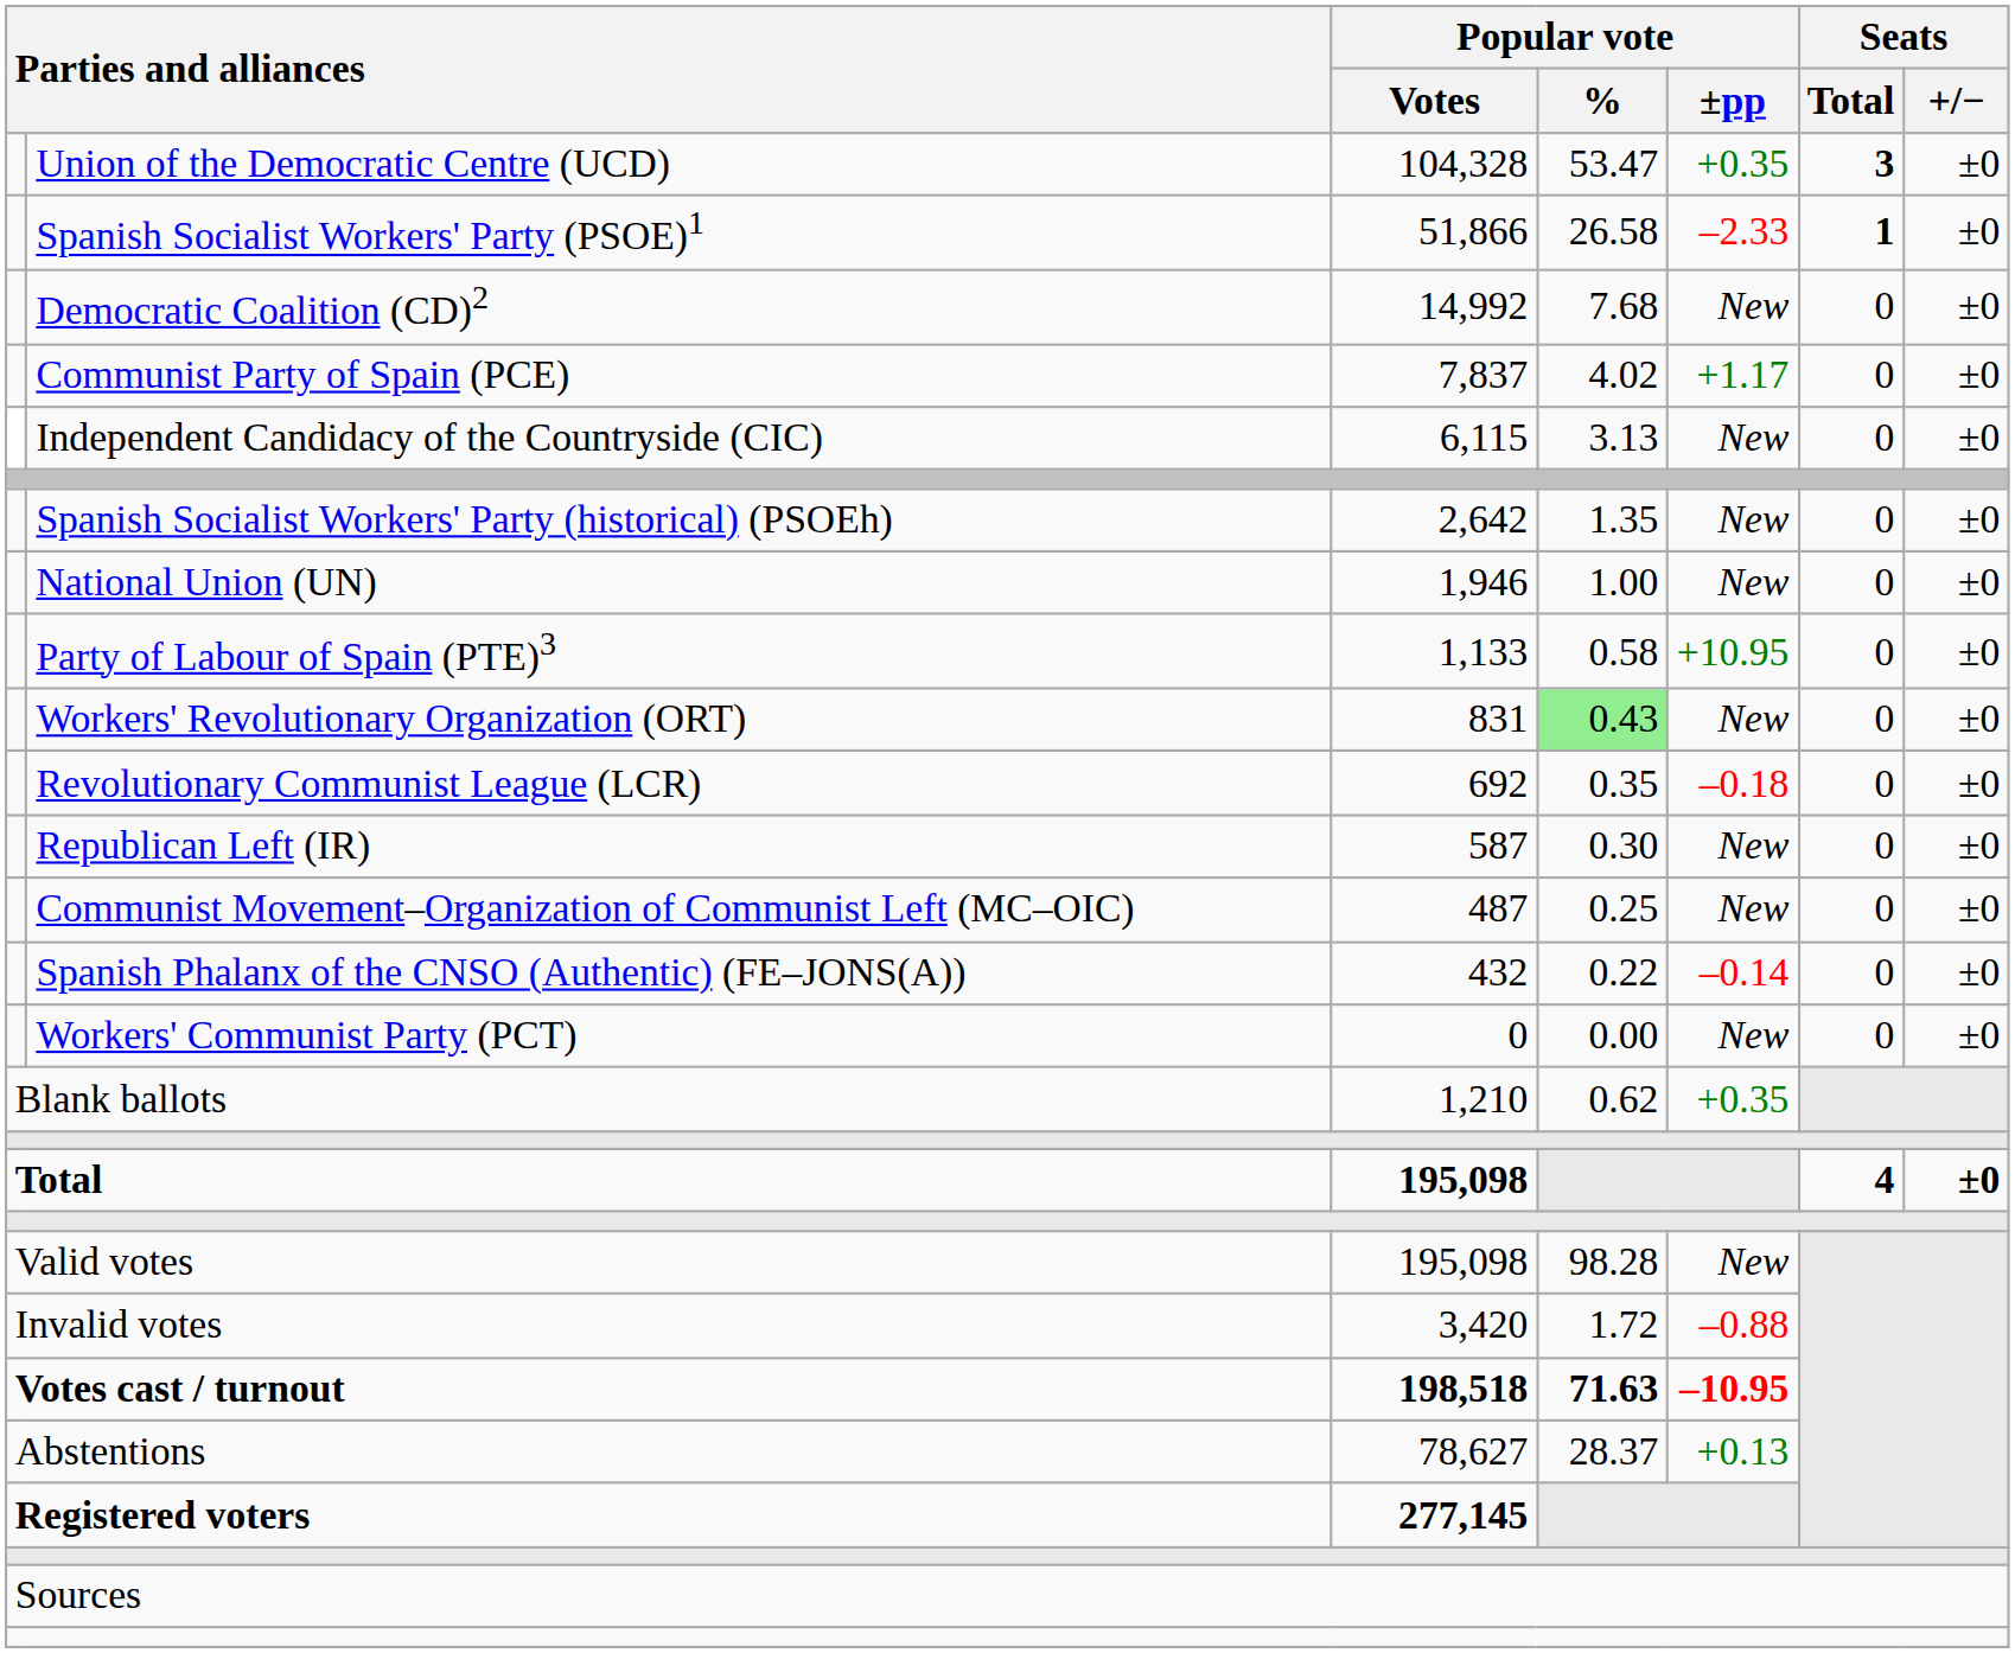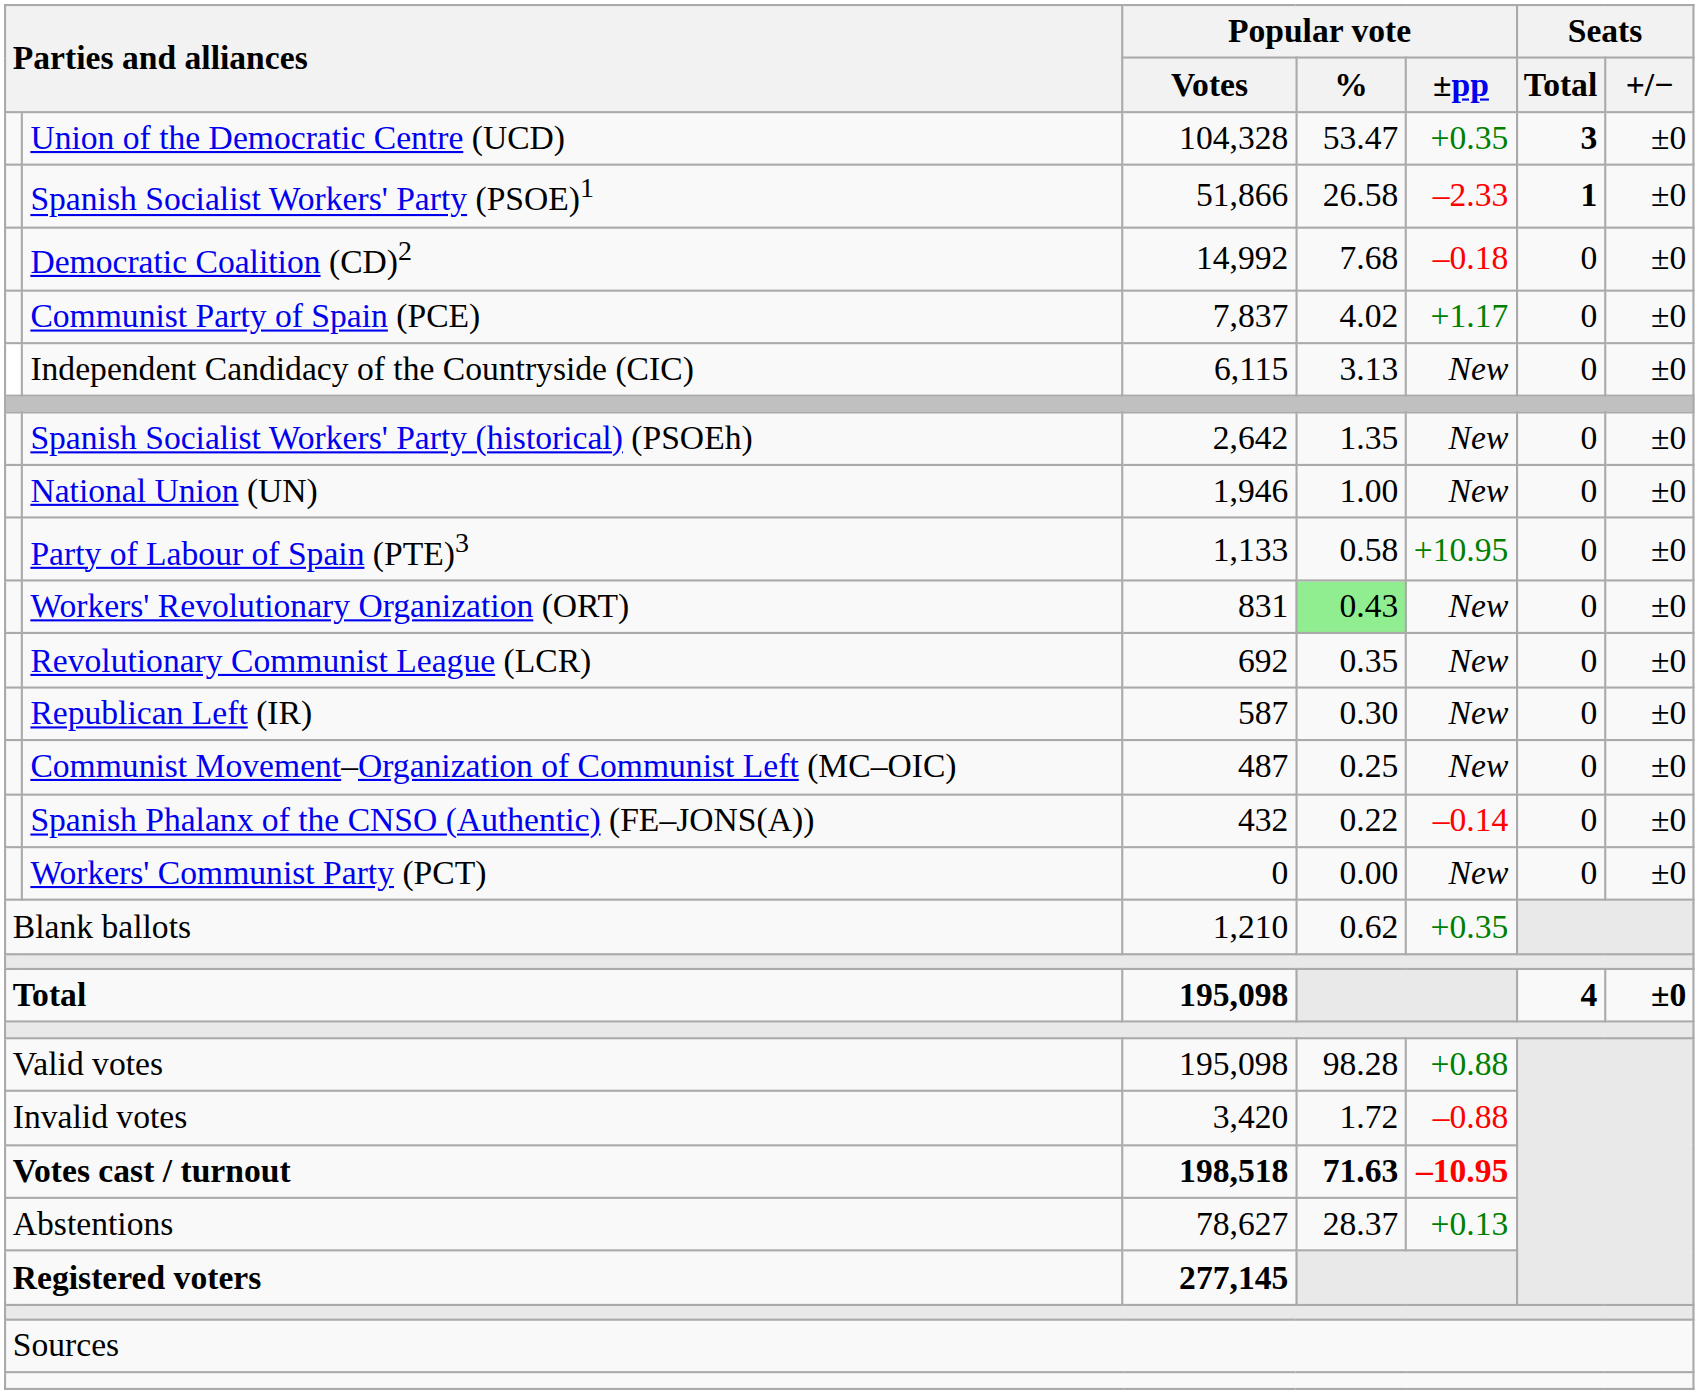 <table class="wikitable" style="text-align:right;">
 <tr>
 <th style="text-align:left;" rowspan="2" colspan="2" width="525">Parties and alliances</th>
 <th colspan="3">Popular vote</th>
 <th colspan="2">Seats</th>
 </tr>
 <tr>
 <th width="75">Votes</th>
 <th width="45">%</th>
 <th width="45">±<a href='#'>pp</a></th>
 <th width="35">Total</th>
 <th width="35">+/−</th>
 </tr>
 <tr>
 <td width="1" style="color:inherit;background:"></td>
 <td align="left"><a href='#'>Union of the Democratic Centre</a> (UCD)</td>
 <td>104,328</td>
 <td>53.47</td>
 <td style="color:green;">+0.35</td>
 <td><strong>3</strong></td>
 <td>±0</td>
 </tr>
 <tr>
 <td style="color:inherit;background:"></td>
 <td align="left"><a href='#'>Spanish Socialist Workers' Party</a> (PSOE)<sup>1</sup></td>
 <td>51,866</td>
 <td>26.58</td>
 <td style="color:red;">–2.33</td>
 <td><strong>1</strong></td>
 <td>±0</td>
 </tr>
 <tr>
 <td style="color:inherit;background:"></td>
 <td align="left"><a href='#'>Democratic Coalition</a> (CD)<sup>2</sup></td>
 <td>14,992</td>
 <td>7.68</td>
-<td><em>New</em></td>
+<td style="color:red;">–0.18</td>
 <td>0</td>
 <td>±0</td>
 </tr>
 <tr>
 <td style="color:inherit;background:"></td>
 <td align="left"><a href='#'>Communist Party of Spain</a> (PCE)</td>
 <td>7,837</td>
 <td>4.02</td>
 <td style="color:green;">+1.17</td>
 <td>0</td>
 <td>±0</td>
 </tr>
 <tr>
 <td bgcolor="white"></td>
 <td align="left">Independent Candidacy of the Countryside (CIC)</td>
 <td>6,115</td>
 <td>3.13</td>
 <td><em>New</em></td>
 <td>0</td>
 <td>±0</td>
 </tr>
 <tr>
 <td colspan="7" bgcolor="#C0C0C0"></td>
 </tr>
 <tr>
 <td style="color:inherit;background:"></td>
 <td align="left"><a href='#'>Spanish Socialist Workers' Party (historical)</a> (PSOEh)</td>
 <td>2,642</td>
 <td>1.35</td>
 <td><em>New</em></td>
 <td>0</td>
 <td>±0</td>
 </tr>
 <tr>
 <td style="color:inherit;background:"></td>
 <td align="left"><a href='#'>National Union</a> (UN)</td>
 <td>1,946</td>
 <td>1.00</td>
 <td><em>New</em></td>
 <td>0</td>
 <td>±0</td>
 </tr>
 <tr>
 <td style="color:inherit;background:"></td>
 <td align="left"><a href='#'>Party of Labour of Spain</a> (PTE)<sup>3</sup></td>
 <td>1,133</td>
 <td>0.58</td>
 <td style="color:green;">+10.95</td>
 <td>0</td>
 <td>±0</td>
 </tr>
 <tr>
 <td style="color:inherit;background:"></td>
 <td align="left"><a href='#'>Workers' Revolutionary Organization</a> (ORT)</td>
 <td>831</td>
 <td style="background: lightgreen;">0.43</td>
 <td><em>New</em></td>
 <td>0</td>
 <td>±0</td>
 </tr>
 <tr>
 <td style="color:inherit;background:"></td>
 <td align="left"><a href='#'>Revolutionary Communist League</a> (LCR)</td>
 <td>692</td>
 <td>0.35</td>
-<td style="color:red;">–0.18</td>
+<td><em>New</em></td>
 <td>0</td>
 <td>±0</td>
 </tr>
 <tr>
 <td style="color:inherit;background:"></td>
 <td align="left"><a href='#'>Republican Left</a> (IR)</td>
 <td>587</td>
 <td>0.30</td>
 <td><em>New</em></td>
 <td>0</td>
 <td>±0</td>
 </tr>
 <tr>
 <td style="color:inherit;background:"></td>
 <td align="left"><a href='#'>Communist Movement</a>–<a href='#'>Organization of Communist Left</a> (MC–OIC)</td>
 <td>487</td>
 <td>0.25</td>
 <td><em>New</em></td>
 <td>0</td>
 <td>±0</td>
 </tr>
 <tr>
 <td style="color:inherit;background:"></td>
 <td align="left"><a href='#'>Spanish Phalanx of the CNSO (Authentic)</a> (FE–JONS(A))</td>
 <td>432</td>
 <td>0.22</td>
 <td style="color:red;">–0.14</td>
 <td>0</td>
 <td>±0</td>
 </tr>
 <tr>
 <td style="color:inherit;background:"></td>
 <td align="left"><a href='#'>Workers' Communist Party</a> (PCT)</td>
 <td>0</td>
 <td>0.00</td>
 <td><em>New</em></td>
 <td>0</td>
 <td>±0</td>
 </tr>
 <tr>
 <td align="left" colspan="2">Blank ballots</td>
 <td>1,210</td>
 <td>0.62</td>
 <td style="color:green;">+0.35</td>
 <td bgcolor="#E9E9E9" colspan="2"></td>
 </tr>
 <tr>
 <td colspan="7" bgcolor="#E9E9E9"></td>
 </tr>
 <tr style="font-weight:bold;">
 <td align="left" colspan="2">Total</td>
 <td>195,098</td>
 <td bgcolor="#E9E9E9" colspan="2"></td>
 <td>4</td>
 <td>±0</td>
 </tr>
 <tr>
 <td colspan="7" bgcolor="#E9E9E9"></td>
 </tr>
 <tr>
 <td align="left" colspan="2">Valid votes</td>
 <td>195,098</td>
 <td>98.28</td>
-<td><em>New</em></td>
+<td style="color:green;">+0.88</td>
 <td bgcolor="#E9E9E9" colspan="2" rowspan="5"></td>
 </tr>
 <tr>
 <td align="left" colspan="2">Invalid votes</td>
 <td>3,420</td>
 <td>1.72</td>
 <td style="color:red;">–0.88</td>
 </tr>
 <tr style="font-weight:bold;">
 <td align="left" colspan="2">Votes cast / turnout</td>
 <td>198,518</td>
 <td>71.63</td>
 <td style="color:red;">–10.95</td>
 </tr>
 <tr>
 <td align="left" colspan="2">Abstentions</td>
 <td>78,627</td>
 <td>28.37</td>
 <td style="color:green;">+0.13</td>
 </tr>
 <tr style="font-weight:bold;">
 <td align="left" colspan="2">Registered voters</td>
 <td>277,145</td>
 <td bgcolor="#E9E9E9" colspan="2"></td>
 </tr>
 <tr>
 <td colspan="7" bgcolor="#E9E9E9"></td>
 </tr>
 <tr>
 <td align="left" colspan="7">Sources</td>
 </tr>
 <tr>
 <td colspan="7" style="text-align:left; max-width:790px;"></td>
 </tr>
 </table>
